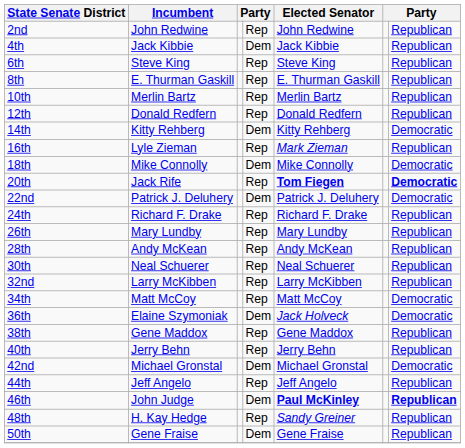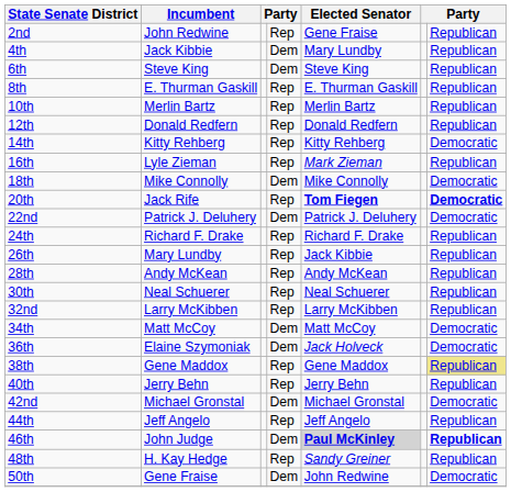 <table class="sortable wikitable" style="font-size:95%;line-height:14px;">
 <tr>
 <th class="unsortable"><a href='#'>State Senate</a> District</th>
 <th class="unsortable"><a href='#'>Incumbent</a></th>
 <th colspan="2">Party</th>
 <th class="unsortable">Elected Senator</th>
 <th colspan="2">Party</th>
 </tr>
 <tr>
 <td><a href='#'>2nd</a></td>
 <td><a href='#'>John Redwine</a></td>
 <td style="background:"></td>
 <td>Rep</td>
-<td><a href='#'>John Redwine</a></td>
+<td><a href='#'>Gene Fraise</a></td>
 <td style="background:"></td>
 <td><a href='#'>Republican</a></td>
 </tr>
 <tr>
 <td><a href='#'>4th</a></td>
 <td><a href='#'>Jack Kibbie</a></td>
 <td style="background:"></td>
 <td>Dem</td>
-<td><a href='#'>Jack Kibbie</a></td>
+<td><a href='#'>Mary Lundby</a></td>
 <td style="background:"></td>
 <td><a href='#'>Republican</a></td>
 </tr>
 <tr>
 <td><a href='#'>6th</a></td>
 <td><a href='#'>Steve King</a></td>
 <td style="background:"></td>
-<td>Rep</td>
+<td>Dem</td>
 <td><a href='#'>Steve King</a></td>
 <td style="background:"></td>
 <td><a href='#'>Republican</a></td>
 </tr>
 <tr>
 <td><a href='#'>8th</a></td>
 <td><a href='#'>E. Thurman Gaskill</a></td>
 <td style="background:"></td>
 <td>Rep</td>
 <td><a href='#'>E. Thurman Gaskill</a></td>
 <td style="background:"></td>
 <td><a href='#'>Republican</a></td>
 </tr>
 <tr>
 <td><a href='#'>10th</a></td>
 <td><a href='#'>Merlin Bartz</a></td>
 <td style="background:"></td>
 <td>Rep</td>
 <td><a href='#'>Merlin Bartz</a></td>
 <td style="background:"></td>
 <td><a href='#'>Republican</a></td>
 </tr>
 <tr>
 <td><a href='#'>12th</a></td>
 <td><a href='#'>Donald Redfern</a></td>
 <td style="background:"></td>
 <td>Rep</td>
 <td><a href='#'>Donald Redfern</a></td>
 <td style="background:"></td>
 <td><a href='#'>Republican</a></td>
 </tr>
 <tr>
 <td><a href='#'>14th</a></td>
 <td><a href='#'>Kitty Rehberg</a></td>
 <td style="background:"></td>
-<td>Dem</td>
+<td>Rep</td>
 <td><a href='#'>Kitty Rehberg</a></td>
 <td style="background:"></td>
 <td><a href='#'>Democratic</a></td>
 </tr>
 <tr>
 <td><a href='#'>16th</a></td>
 <td><a href='#'>Lyle Zieman</a></td>
 <td style="background:"></td>
 <td>Rep</td>
 <td><em><a href='#'>Mark Zieman</a></em></td>
 <td style="background:"></td>
 <td><a href='#'>Republican</a></td>
 </tr>
 <tr>
 <td><a href='#'>18th</a></td>
 <td><a href='#'>Mike Connolly</a></td>
 <td style="background:"></td>
 <td>Dem</td>
 <td><a href='#'>Mike Connolly</a></td>
 <td style="background:"></td>
 <td><a href='#'>Democratic</a></td>
 </tr>
 <tr>
 <td><a href='#'>20th</a></td>
 <td><a href='#'>Jack Rife</a></td>
 <td style="background:"></td>
 <td>Rep</td>
 <td><strong><a href='#'>Tom Fiegen</a></strong></td>
 <td style="background:"></td>
 <td><strong><a href='#'>Democratic</a></strong></td>
 </tr>
 <tr>
 <td><a href='#'>22nd</a></td>
 <td><a href='#'>Patrick J. Deluhery</a></td>
 <td style="background:"></td>
 <td>Dem</td>
 <td><a href='#'>Patrick J. Deluhery</a></td>
 <td style="background:"></td>
 <td><a href='#'>Democratic</a></td>
 </tr>
 <tr>
 <td><a href='#'>24th</a></td>
 <td><a href='#'>Richard F. Drake</a></td>
 <td style="background:"></td>
 <td>Rep</td>
 <td><a href='#'>Richard F. Drake</a></td>
 <td style="background:"></td>
 <td><a href='#'>Republican</a></td>
 </tr>
 <tr>
 <td><a href='#'>26th</a></td>
 <td><a href='#'>Mary Lundby</a></td>
 <td style="background:"></td>
 <td>Rep</td>
-<td><a href='#'>Mary Lundby</a></td>
+<td><a href='#'>Jack Kibbie</a></td>
 <td style="background:"></td>
 <td><a href='#'>Republican</a></td>
 </tr>
 <tr>
 <td><a href='#'>28th</a></td>
 <td><a href='#'>Andy McKean</a></td>
 <td style="background:"></td>
 <td>Rep</td>
 <td><a href='#'>Andy McKean</a></td>
 <td style="background:"></td>
 <td><a href='#'>Republican</a></td>
 </tr>
 <tr>
 <td><a href='#'>30th</a></td>
 <td><a href='#'>Neal Schuerer</a></td>
 <td style="background:"></td>
 <td>Rep</td>
 <td><a href='#'>Neal Schuerer</a></td>
 <td style="background:"></td>
 <td><a href='#'>Republican</a></td>
 </tr>
 <tr>
 <td><a href='#'>32nd</a></td>
 <td><a href='#'>Larry McKibben</a></td>
 <td style="background:"></td>
 <td>Rep</td>
 <td><a href='#'>Larry McKibben</a></td>
 <td style="background:"></td>
 <td><a href='#'>Republican</a></td>
 </tr>
 <tr>
 <td><a href='#'>34th</a></td>
 <td><a href='#'>Matt McCoy</a></td>
 <td style="background:"></td>
-<td>Rep</td>
+<td>Dem</td>
 <td><a href='#'>Matt McCoy</a></td>
 <td style="background:"></td>
 <td><a href='#'>Democratic</a></td>
 </tr>
 <tr>
 <td><a href='#'>36th</a></td>
 <td><a href='#'>Elaine Szymoniak</a></td>
 <td style="background:"></td>
 <td>Dem</td>
 <td><em><a href='#'>Jack Holveck</a></em></td>
 <td style="background:"></td>
 <td><a href='#'>Democratic</a></td>
 </tr>
 <tr>
 <td><a href='#'>38th</a></td>
 <td><a href='#'>Gene Maddox</a></td>
 <td style="background:"></td>
 <td>Rep</td>
 <td><a href='#'>Gene Maddox</a></td>
 <td style="background:"></td>
-<td><a href='#'>Republican</a></td>
+<td style="background: khaki;"><a href='#'>Republican</a></td>
 </tr>
 <tr>
 <td><a href='#'>40th</a></td>
 <td><a href='#'>Jerry Behn</a></td>
 <td style="background:"></td>
 <td>Rep</td>
 <td><a href='#'>Jerry Behn</a></td>
 <td style="background:"></td>
 <td><a href='#'>Republican</a></td>
 </tr>
 <tr>
 <td><a href='#'>42nd</a></td>
 <td><a href='#'>Michael Gronstal</a></td>
 <td style="background:"></td>
 <td>Dem</td>
 <td><a href='#'>Michael Gronstal</a></td>
 <td style="background:"></td>
 <td><a href='#'>Democratic</a></td>
 </tr>
 <tr>
 <td><a href='#'>44th</a></td>
 <td><a href='#'>Jeff Angelo</a></td>
 <td style="background:"></td>
 <td>Rep</td>
 <td><a href='#'>Jeff Angelo</a></td>
 <td style="background:"></td>
 <td><a href='#'>Republican</a></td>
 </tr>
 <tr>
 <td><a href='#'>46th</a></td>
 <td><a href='#'>John Judge</a></td>
 <td style="background:"></td>
 <td>Dem</td>
-<td><strong><a href='#'>Paul McKinley</a></strong></td>
+<td style="background: lightgrey;"><strong><a href='#'>Paul McKinley</a></strong></td>
 <td style="background:"></td>
 <td><strong><a href='#'>Republican</a></strong></td>
 </tr>
 <tr>
 <td><a href='#'>48th</a></td>
 <td><a href='#'>H. Kay Hedge</a></td>
 <td style="background:"></td>
 <td>Rep</td>
 <td><em><a href='#'>Sandy Greiner</a></em></td>
 <td style="background:"></td>
 <td><a href='#'>Republican</a></td>
 </tr>
 <tr>
 <td><a href='#'>50th</a></td>
 <td><a href='#'>Gene Fraise</a></td>
 <td style="background:"></td>
 <td>Dem</td>
-<td><a href='#'>Gene Fraise</a></td>
+<td><a href='#'>John Redwine</a></td>
 <td style="background:"></td>
-<td><a href='#'>Republican</a></td>
+<td><a href='#'>Democratic</a></td>
 </tr>
 <tr>
 </tr>
 </table>
